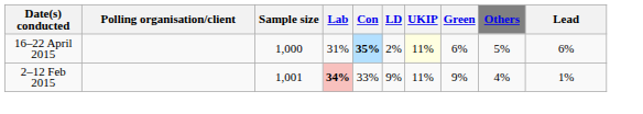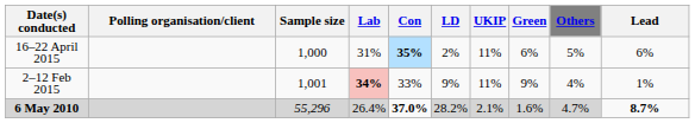 <table class="wikitable sortable" style="text-align:center;font-size:90%;line-height:14px">
 <tr>
 <th ! style="width:85px;">Date(s)<br>conducted</th>
 <th style="width:200px;">Polling organisation/client</th>
 <th class="unsortable" style="width:75px;">Sample size</th>
 <th class="unsortable" style="background:"><a href='#'><span>Lab</span></a></th>
 <th class="unsortable" style="background:"><a href='#'><span>Con</span></a></th>
 <th class="unsortable" style="background:"><a href='#'><span>LD</span></a></th>
 <th class="unsortable" style="background:"><a href='#'><span>UKIP</span></a></th>
 <th class="unsortable" style="background:"><a href='#'><span>Green</span></a></th>
 <th class="unsortable" style="background:gray; width:50px;"><a href='#'><span>Others</span></a></th>
 <th class="unsortable" style="width:90px;">Lead</th>
 </tr>
 <tr>
 <td>16–22 April 2015</td>
 <td></td>
 <td>1,000</td>
 <td>31%</td>
 <td style="background:#B3E0FF"><strong>35%</strong></td>
 <td>2%</td>
-<td style="background: lightyellow;">11%</td>
+<td>11%</td>
 <td>6%</td>
 <td>5%</td>
 <td style="background:">6%</td>
 </tr>
 <tr>
 <td>2–12 Feb 2015</td>
 <td></td>
 <td>1,001</td>
 <td style="background:#F8C1BE"><strong>34%</strong></td>
 <td>33%</td>
 <td>9%</td>
 <td>11%</td>
 <td>9%</td>
 <td>4%</td>
 <td style="background:">1%</td>
 </tr>
+<tr>
+<td style="background:#D5D5D5"><strong>6 May 2010</strong></td>
+<td style="background:#D5D5D5"></td>
+<td style="background:#D5D5D5"><em>55,296</em></td>
+<td style="background:#D5D5D5">26.4%</td>
+<td style="background:"><strong>37.0%</strong></td>
+<td style="background:#D5D5D5">28.2%</td>
+<td style="background:#D5D5D5">2.1%</td>
+<td style="background:#D5D5D5">1.6%</td>
+<td style="background:#D5D5D5">4.7%</td>
+<td style="background:"><strong>8.7% </strong></td>
+</tr>
 </table>
